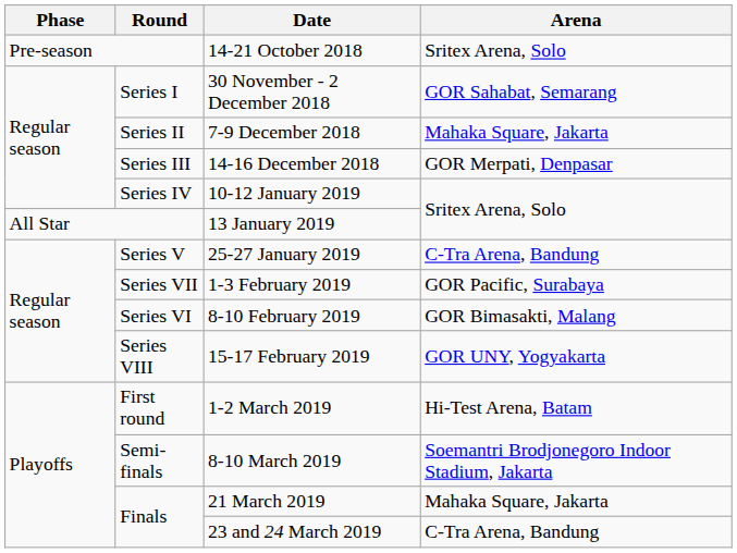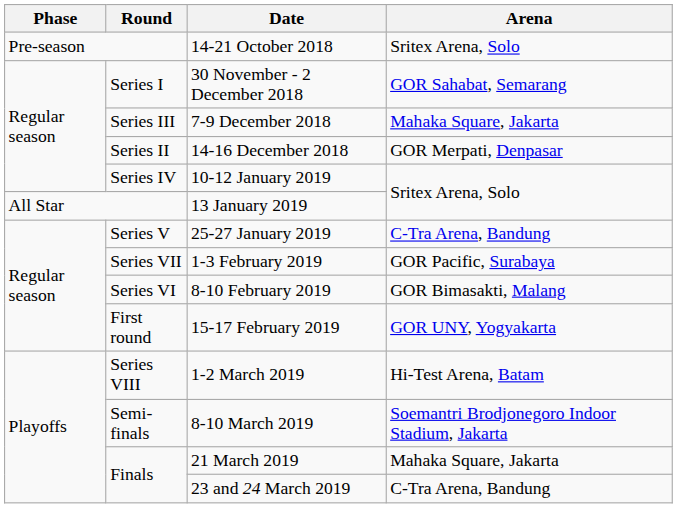 <table class="wikitable">
 <tr>
 <th>Phase</th>
 <th>Round</th>
 <th>Date</th>
 <th>Arena</th>
 </tr>
 <tr>
 <td colspan="2">Pre-season</td>
 <td>14-21 October 2018</td>
 <td>Sritex Arena, <a href='#'>Solo</a></td>
 </tr>
 <tr>
 <td rowspan="4">Regular season</td>
 <td>Series I</td>
 <td>30 November - 2 December 2018</td>
 <td><a href='#'>GOR Sahabat</a>, <a href='#'>Semarang</a></td>
 </tr>
 <tr>
-<td>Series II</td>
+<td>Series III</td>
 <td>7-9 December 2018</td>
 <td><a href='#'>Mahaka Square</a>, <a href='#'>Jakarta</a></td>
 </tr>
 <tr>
-<td>Series III</td>
+<td>Series II</td>
 <td>14-16 December 2018</td>
 <td>GOR Merpati, <a href='#'>Denpasar</a></td>
 </tr>
 <tr>
 <td>Series IV</td>
 <td>10-12 January 2019</td>
 <td rowspan="2">Sritex Arena, Solo</td>
 </tr>
 <tr>
 <td colspan="2">All Star</td>
 <td>13 January 2019</td>
 </tr>
 <tr>
 <td rowspan="4">Regular season</td>
 <td>Series V</td>
 <td>25-27 January 2019</td>
 <td><a href='#'>C-Tra Arena</a>, <a href='#'>Bandung</a></td>
 </tr>
 <tr>
 <td>Series VII</td>
 <td>1-3 February 2019</td>
 <td>GOR Pacific, <a href='#'>Surabaya</a></td>
 </tr>
 <tr>
 <td>Series VI</td>
 <td>8-10 February 2019</td>
 <td>GOR Bimasakti, <a href='#'>Malang</a></td>
 </tr>
 <tr>
-<td>Series VIII</td>
+<td>First round</td>
 <td>15-17 February 2019</td>
 <td><a href='#'>GOR UNY</a>, <a href='#'>Yogyakarta</a></td>
 </tr>
 <tr>
 <td rowspan="7">Playoffs</td>
-<td>First round</td>
+<td>Series VIII</td>
 <td>1-2 March 2019</td>
 <td>Hi-Test Arena, <a href='#'>Batam</a></td>
 </tr>
 <tr>
 <td>Semi-finals</td>
 <td>8-10 March 2019</td>
 <td><a href='#'>Soemantri Brodjonegoro Indoor Stadium</a>, <a href='#'>Jakarta</a></td>
 </tr>
 <tr>
 <td rowspan="2">Finals</td>
 <td>21 March 2019</td>
 <td>Mahaka Square, Jakarta</td>
 </tr>
 <tr>
 <td>23 and <em>24</em> March 2019</td>
 <td>C-Tra Arena, Bandung</td>
 </tr>
 </table>
